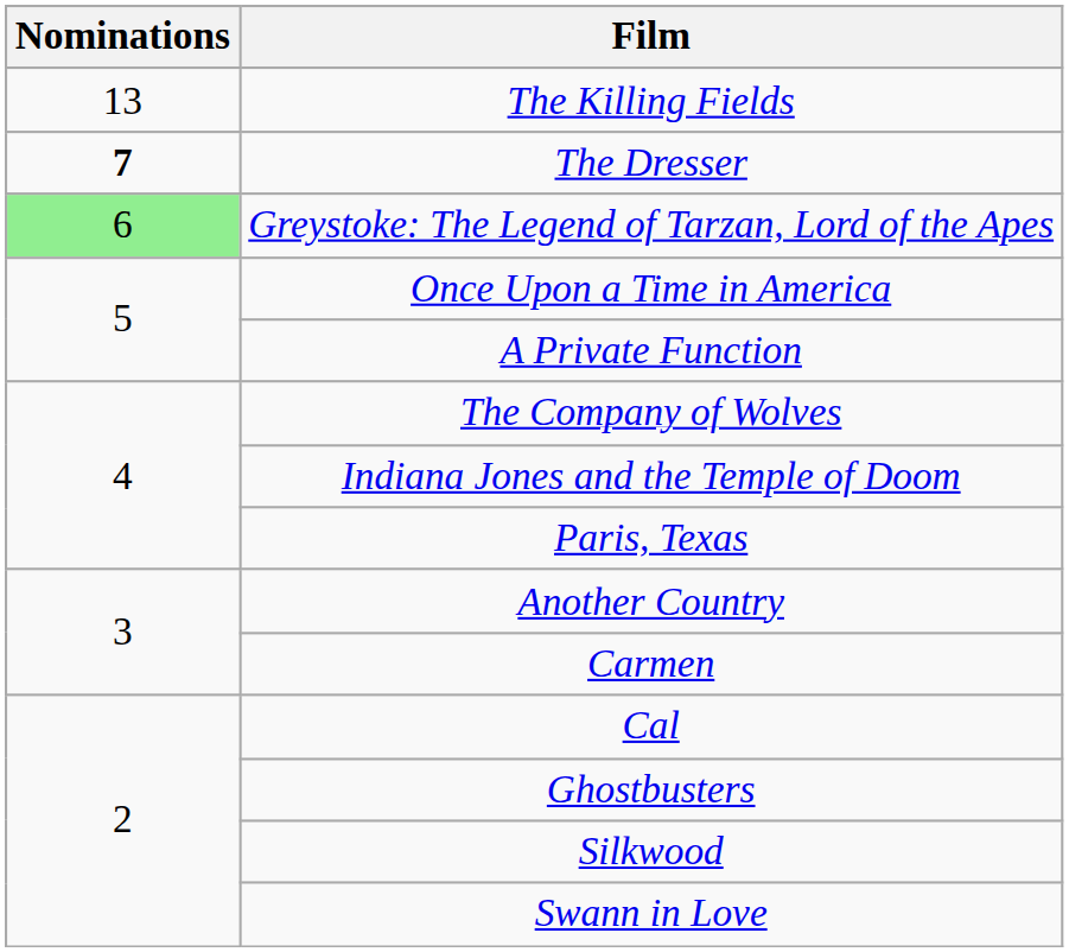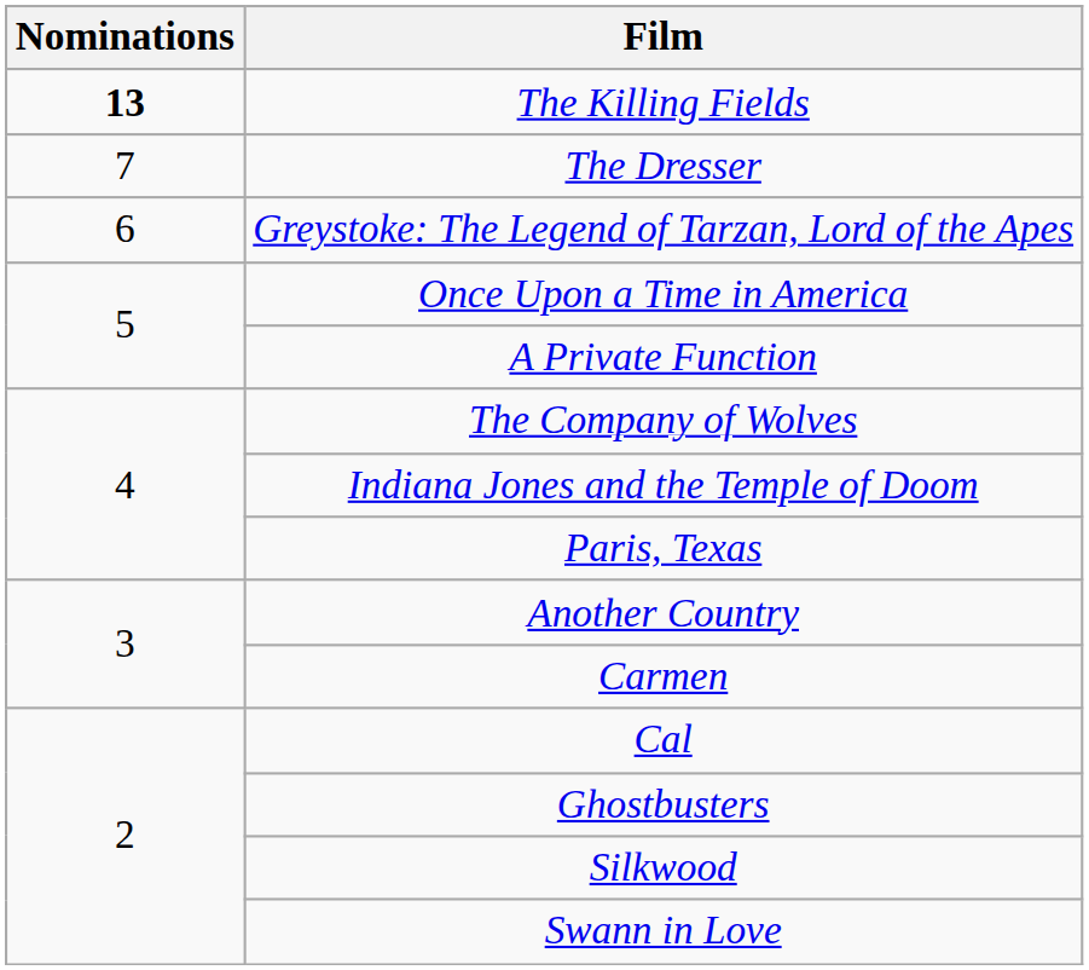 <table class="wikitable" style="text-align:center;">
 <tr>
 <th style="background:">Nominations</th>
 <th style="background:">Film</th>
 </tr>
 <tr>
-<td>13</td>
+<td><strong>13</strong></td>
 <td><em><a href='#'>The Killing Fields</a></em></td>
 </tr>
 <tr>
-<td><strong>7</strong></td>
+<td>7</td>
 <td><em><a href='#'>The Dresser</a></em></td>
 </tr>
 <tr>
-<td style="background: lightgreen;">6</td>
+<td>6</td>
 <td><em><a href='#'>Greystoke: The Legend of Tarzan, Lord of the Apes</a></em></td>
 </tr>
 <tr>
 <td rowspan="2">5</td>
 <td><em><a href='#'>Once Upon a Time in America</a></em></td>
 </tr>
 <tr>
 <td><em><a href='#'>A Private Function</a></em></td>
 </tr>
 <tr>
 <td rowspan="3">4</td>
 <td><em><a href='#'>The Company of Wolves</a></em></td>
 </tr>
 <tr>
 <td><em><a href='#'>Indiana Jones and the Temple of Doom</a></em></td>
 </tr>
 <tr>
 <td><em><a href='#'>Paris, Texas</a></em></td>
 </tr>
 <tr>
 <td rowspan="2">3</td>
 <td><em><a href='#'>Another Country</a></em></td>
 </tr>
 <tr>
 <td><em><a href='#'>Carmen</a></em></td>
 </tr>
 <tr>
 <td rowspan="4">2</td>
 <td><em><a href='#'>Cal</a></em></td>
 </tr>
 <tr>
 <td><em><a href='#'>Ghostbusters</a></em></td>
 </tr>
 <tr>
 <td><em><a href='#'>Silkwood</a></em></td>
 </tr>
 <tr>
 <td><em><a href='#'>Swann in Love</a></em></td>
 </tr>
 </table>
